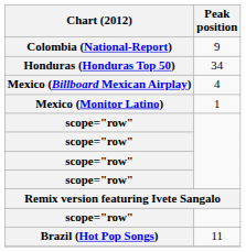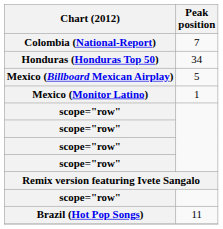 <table class="wikitable plainrowheaders sortable" style="text-align:center;">
 <tr>
 <th scope="col">Chart (2012)</th>
 <th scope="col">Peak<br>position</th>
 </tr>
 <tr>
 <th scope="row">Colombia (<a href='#'>National-Report</a>)</th>
-<td style="text-align:center;">9</td>
+<td style="text-align:center;">7</td>
 </tr>
 <tr>
 <th scope="row">Honduras (<a href='#'>Honduras Top 50</a>)</th>
 <td align="center">34</td>
 </tr>
 <tr>
 <th scope="row">Mexico (<a href='#'><em>Billboard</em> Mexican Airplay</a>)</th>
-<td align="center">4</td>
+<td align="center">5</td>
 </tr>
 <tr>
 <th scope="row">Mexico (<a href='#'>Monitor Latino</a>)</th>
 <td style="text-align:center;">1</td>
 </tr>
 <tr>
 <th>scope="row"</th>
 </tr>
 <tr>
 <th>scope="row"</th>
 </tr>
 <tr>
 <th>scope="row"</th>
 </tr>
 <tr>
 <th>scope="row"</th>
 </tr>
 <tr>
 <th colspan="2">Remix version featuring Ivete Sangalo</th>
 </tr>
 <tr>
 <th>scope="row" </th>
 </tr>
 <tr>
 <th scope="row">Brazil (<a href='#'>Hot Pop Songs</a>)</th>
 <td style="text-align:center;">11</td>
 </tr>
 <tr>
 </tr>
 </table>
